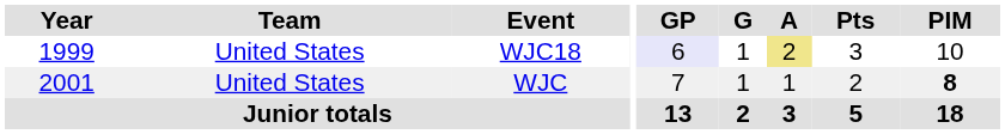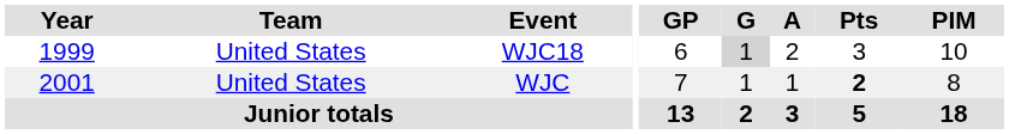 <table border="0" cellpadding="1" cellspacing="0" ID="Table3" style="text-align:center; width:40em">
 <tr ALIGN="center" bgcolor="#e0e0e0">
 <th>Year</th>
 <th>Team</th>
 <th>Event</th>
 <th rowspan="99" bgcolor="#ffffff"></th>
 <th>GP</th>
 <th>G</th>
 <th>A</th>
 <th>Pts</th>
 <th>PIM</th>
 </tr>
 <tr>
 <td><a href='#'>1999</a></td>
 <td><a href='#'>United States</a></td>
 <td><a href='#'>WJC18</a></td>
-<td style="background: lavender;">6</td>
-<td>1</td>
-<td style="background: khaki;">2</td>
+<td>6</td>
+<td style="background: lightgrey;">1</td>
+<td>2</td>
 <td>3</td>
 <td>10</td>
 </tr>
 <tr bgcolor="#f0f0f0">
 <td><a href='#'>2001</a></td>
 <td><a href='#'>United States</a></td>
 <td><a href='#'>WJC</a></td>
 <td>7</td>
 <td>1</td>
 <td>1</td>
-<td>2</td>
-<td><strong>8</strong></td>
+<td><strong>2</strong></td>
+<td>8</td>
 </tr>
 <tr bgcolor="#e0e0e0">
 <th colspan="3">Junior totals</th>
 <th>13</th>
 <th>2</th>
 <th>3</th>
 <th>5</th>
 <th>18</th>
 </tr>
 </table>
